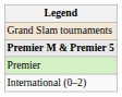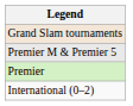 <table class=wikitable style=font-size:90%>
 <tr>
 <th>Legend</th>
 </tr>
 <tr>
 <td style="background:#f3e6d7;">Grand Slam tournaments</td>
 </tr>
 <tr>
-<td style="background:#e9e9e9;"><strong>Premier M & Premier 5</strong></td>
+<td style="background:#e9e9e9;">Premier M & Premier 5</td>
 </tr>
 <tr>
 <td style="background:#d4f1c5;">Premier</td>
 </tr>
 <tr>
 <td>International (0–2)</td>
 </tr>
 </table>
